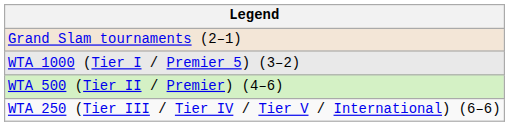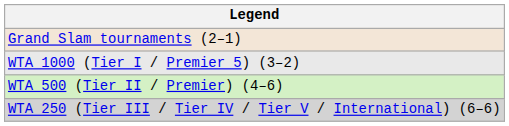 <table class="wikitable" style="font-size:90%">
 <tr>
 <th>Legend</th>
 </tr>
 <tr>
 <td style="background:#f3e6d7;"><a href='#'>Grand Slam tournaments</a> (2–1)</td>
 </tr>
 <tr>
 <td style="background:#e9e9e9;"><a href='#'>WTA 1000</a> (<a href='#'>Tier I</a> / <a href='#'>Premier 5</a>) (3–2)</td>
 </tr>
 <tr>
 <td style="background:#d4f1c5;"><a href='#'>WTA 500</a> (<a href='#'>Tier II</a> / <a href='#'>Premier</a>) (4–6)</td>
 </tr>
 <tr>
-<td><a href='#'>WTA 250</a> (<a href='#'>Tier III</a> / <a href='#'>Tier IV</a> / <a href='#'>Tier V</a> / <a href='#'>International</a>) (6–6)</td>
+<td style="background: lightgrey;"><a href='#'>WTA 250</a> (<a href='#'>Tier III</a> / <a href='#'>Tier IV</a> / <a href='#'>Tier V</a> / <a href='#'>International</a>) (6–6)</td>
 </tr>
 </table>
